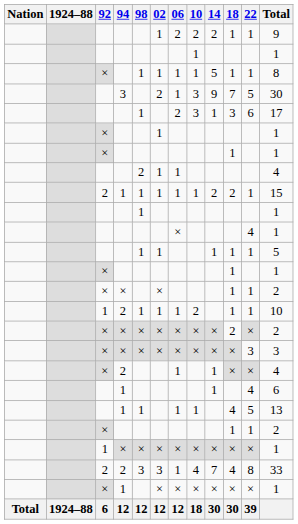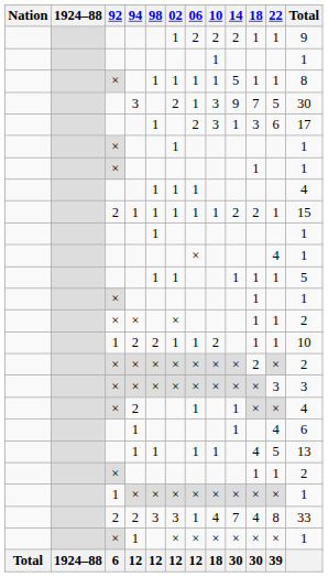 <table class="wikitable sortable" style="text-align:center">
 <tr>
 <th>Nation</th>
 <th class="unsortable"><span>1924–88</span></th>
 <th><a href='#'>92</a></th>
 <th><a href='#'>94</a></th>
 <th><a href='#'>98</a></th>
 <th><a href='#'>02</a></th>
 <th><a href='#'>06</a></th>
 <th><a href='#'>10</a></th>
 <th><a href='#'>14</a></th>
 <th><a href='#'>18</a></th>
 <th><a href='#'>22</a></th>
 <th>Total</th>
 </tr>
 <tr>
 <td align=left></td>
 <td style="background:#ddd"> </td>
 <td></td>
 <td></td>
 <td></td>
 <td>1</td>
 <td>2</td>
 <td>2</td>
 <td>2</td>
 <td>1</td>
 <td>1</td>
 <td>9</td>
 </tr>
 <tr>
 <td align=left></td>
 <td style="background:#ddd"> </td>
 <td></td>
 <td></td>
 <td></td>
 <td></td>
 <td></td>
 <td>1</td>
 <td></td>
 <td></td>
 <td></td>
 <td>1</td>
 </tr>
 <tr>
 <td align=left></td>
 <td style="background:#ddd"> </td>
 <td style="background:#ddd">×</td>
 <td></td>
 <td>1</td>
 <td>1</td>
 <td>1</td>
 <td>1</td>
 <td>5</td>
 <td>1</td>
 <td>1</td>
 <td>8</td>
 </tr>
 <tr>
 <td align=left></td>
 <td style="background:#ddd"> </td>
 <td></td>
 <td>3</td>
 <td></td>
 <td>2</td>
 <td>1</td>
 <td>3</td>
 <td>9</td>
 <td>7</td>
 <td>5</td>
 <td>30</td>
 </tr>
 <tr>
 <td align=left></td>
 <td style="background:#ddd"> </td>
 <td></td>
 <td></td>
 <td>1</td>
 <td></td>
 <td>2</td>
 <td>3</td>
 <td>1</td>
 <td>3</td>
 <td>6</td>
 <td>17</td>
 </tr>
 <tr>
 <td align=left></td>
 <td style="background:#ddd"> </td>
 <td style="background:#ddd">×</td>
 <td></td>
 <td></td>
 <td>1</td>
 <td></td>
 <td></td>
 <td></td>
 <td></td>
 <td></td>
 <td>1</td>
 </tr>
 <tr>
 <td align=left></td>
 <td style="background:#ddd"> </td>
 <td style="background:#ddd">×</td>
 <td></td>
 <td></td>
 <td></td>
 <td></td>
 <td></td>
 <td></td>
 <td>1</td>
 <td></td>
 <td>1</td>
 </tr>
 <tr>
 <td align=left></td>
 <td style="background:#ddd"> </td>
 <td></td>
 <td></td>
-<td>2</td>
+<td>1</td>
 <td>1</td>
 <td>1</td>
 <td></td>
 <td></td>
 <td></td>
 <td></td>
 <td>4</td>
 </tr>
 <tr>
 <td align=left></td>
 <td style="background:#ddd"> </td>
 <td>2</td>
 <td>1</td>
 <td>1</td>
 <td>1</td>
 <td>1</td>
 <td>1</td>
 <td>2</td>
 <td>2</td>
 <td>1</td>
 <td>15</td>
 </tr>
 <tr>
 <td align=left></td>
 <td style="background:#ddd"> </td>
 <td></td>
 <td></td>
 <td>1</td>
 <td></td>
 <td></td>
 <td></td>
 <td></td>
 <td></td>
 <td></td>
 <td>1</td>
 </tr>
 <tr>
 <td align=left></td>
 <td style="background:#ddd"> </td>
 <td></td>
 <td></td>
 <td></td>
 <td></td>
 <td>×</td>
 <td></td>
 <td></td>
 <td></td>
 <td>4</td>
 <td>1</td>
 </tr>
 <tr>
 <td align=left></td>
 <td style="background:#ddd"> </td>
 <td></td>
 <td></td>
 <td>1</td>
 <td>1</td>
 <td></td>
 <td></td>
 <td>1</td>
 <td>1</td>
 <td>1</td>
 <td>5</td>
 </tr>
 <tr>
 <td align=left></td>
 <td style="background:#ddd"> </td>
 <td style="background:#ddd">×</td>
 <td></td>
 <td></td>
 <td></td>
 <td></td>
 <td></td>
 <td></td>
 <td>1</td>
 <td></td>
 <td>1</td>
 </tr>
 <tr>
 <td align=left></td>
 <td style="background:#ddd"> </td>
 <td>×</td>
 <td>×</td>
 <td></td>
 <td>×</td>
 <td></td>
 <td></td>
 <td></td>
 <td>1</td>
 <td>1</td>
 <td>2</td>
 </tr>
 <tr>
 <td align=left></td>
 <td style="background:#ddd"> </td>
 <td>1</td>
 <td>2</td>
-<td>1</td>
+<td>2</td>
 <td>1</td>
 <td>1</td>
 <td>2</td>
 <td></td>
 <td>1</td>
 <td>1</td>
 <td>10</td>
 </tr>
 <tr>
 <td align=left></td>
 <td style="background:#ddd"> </td>
 <td style="background:#ddd">×</td>
 <td style="background:#ddd">×</td>
 <td style="background:#ddd">×</td>
 <td style="background:#ddd">×</td>
 <td style="background:#ddd">×</td>
 <td style="background:#ddd">×</td>
 <td style="background:#ddd">×</td>
 <td>2</td>
 <td style="background:#ddd">×</td>
 <td>2</td>
 </tr>
 <tr>
 <td align=left> </td>
 <td style="background:#ddd"> </td>
 <td style="background:#ddd">×</td>
 <td style="background:#ddd">×</td>
 <td style="background:#ddd">×</td>
 <td style="background:#ddd">×</td>
 <td style="background:#ddd">×</td>
 <td style="background:#ddd">×</td>
 <td style="background:#ddd">×</td>
 <td style="background:#ddd">×</td>
 <td>3</td>
 <td>3</td>
 </tr>
 <tr>
 <td align=left></td>
 <td style="background:#ddd"> </td>
 <td style="background:#ddd">×</td>
 <td>2</td>
 <td></td>
 <td></td>
 <td>1</td>
 <td></td>
 <td>1</td>
 <td style="background:#ddd">×</td>
 <td style="background:#ddd">×</td>
 <td>4</td>
 </tr>
 <tr>
 <td align=left></td>
 <td style="background:#ddd"> </td>
 <td></td>
 <td>1</td>
 <td></td>
 <td></td>
 <td></td>
 <td></td>
 <td>1</td>
 <td></td>
 <td>4</td>
 <td>6</td>
 </tr>
 <tr>
 <td align=left></td>
 <td style="background:#ddd"> </td>
 <td></td>
 <td>1</td>
 <td>1</td>
 <td></td>
 <td>1</td>
 <td>1</td>
 <td></td>
 <td>4</td>
 <td>5</td>
 <td>13</td>
 </tr>
 <tr>
 <td align=left></td>
 <td style="background:#ddd"> </td>
 <td style="background:#ddd">×</td>
 <td></td>
 <td></td>
 <td></td>
 <td></td>
 <td></td>
 <td></td>
 <td>1</td>
 <td>1</td>
 <td>2</td>
 </tr>
 <tr>
 <td align=left></td>
 <td style="background:#ddd"> </td>
 <td>1</td>
 <td style="background:#ddd">×</td>
 <td style="background:#ddd">×</td>
 <td style="background:#ddd">×</td>
 <td style="background:#ddd">×</td>
 <td style="background:#ddd">×</td>
 <td style="background:#ddd">×</td>
 <td style="background:#ddd">×</td>
 <td style="background:#ddd">×</td>
 <td>1</td>
 </tr>
 <tr>
 <td align=left></td>
 <td style="background:#ddd"> </td>
 <td>2</td>
 <td>2</td>
 <td>3</td>
 <td>3</td>
 <td>1</td>
 <td>4</td>
 <td>7</td>
 <td>4</td>
 <td>8</td>
 <td>33</td>
 </tr>
 <tr>
 <td align=left></td>
 <td style="background:#ddd"> </td>
 <td style="background:#ddd">×</td>
 <td>1</td>
 <td></td>
 <td>×</td>
 <td>×</td>
 <td>×</td>
 <td>×</td>
 <td>×</td>
 <td>×</td>
 <td>1</td>
 </tr>
 <tr>
 <th>Total</th>
 <th class="unsortable"><span>1924–88</span></th>
 <th>6</th>
 <th>12</th>
 <th>12</th>
 <th>12</th>
 <th>12</th>
 <th>18</th>
 <th>30</th>
 <th>30</th>
 <th>39</th>
 <th></th>
 </tr>
 </table>
